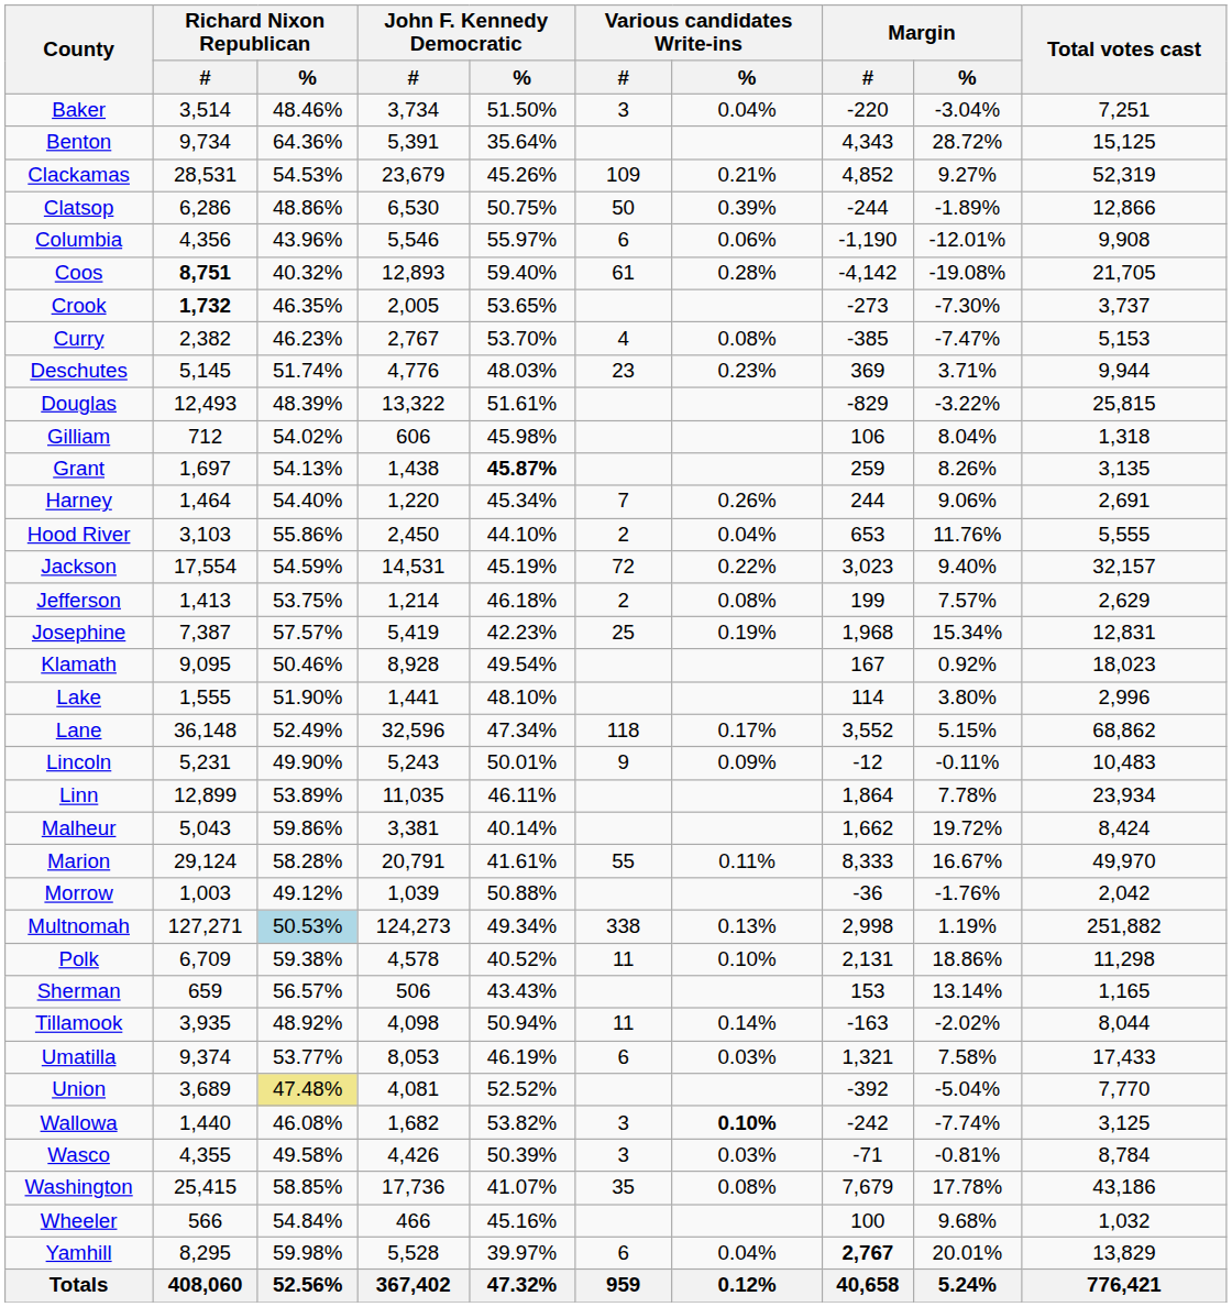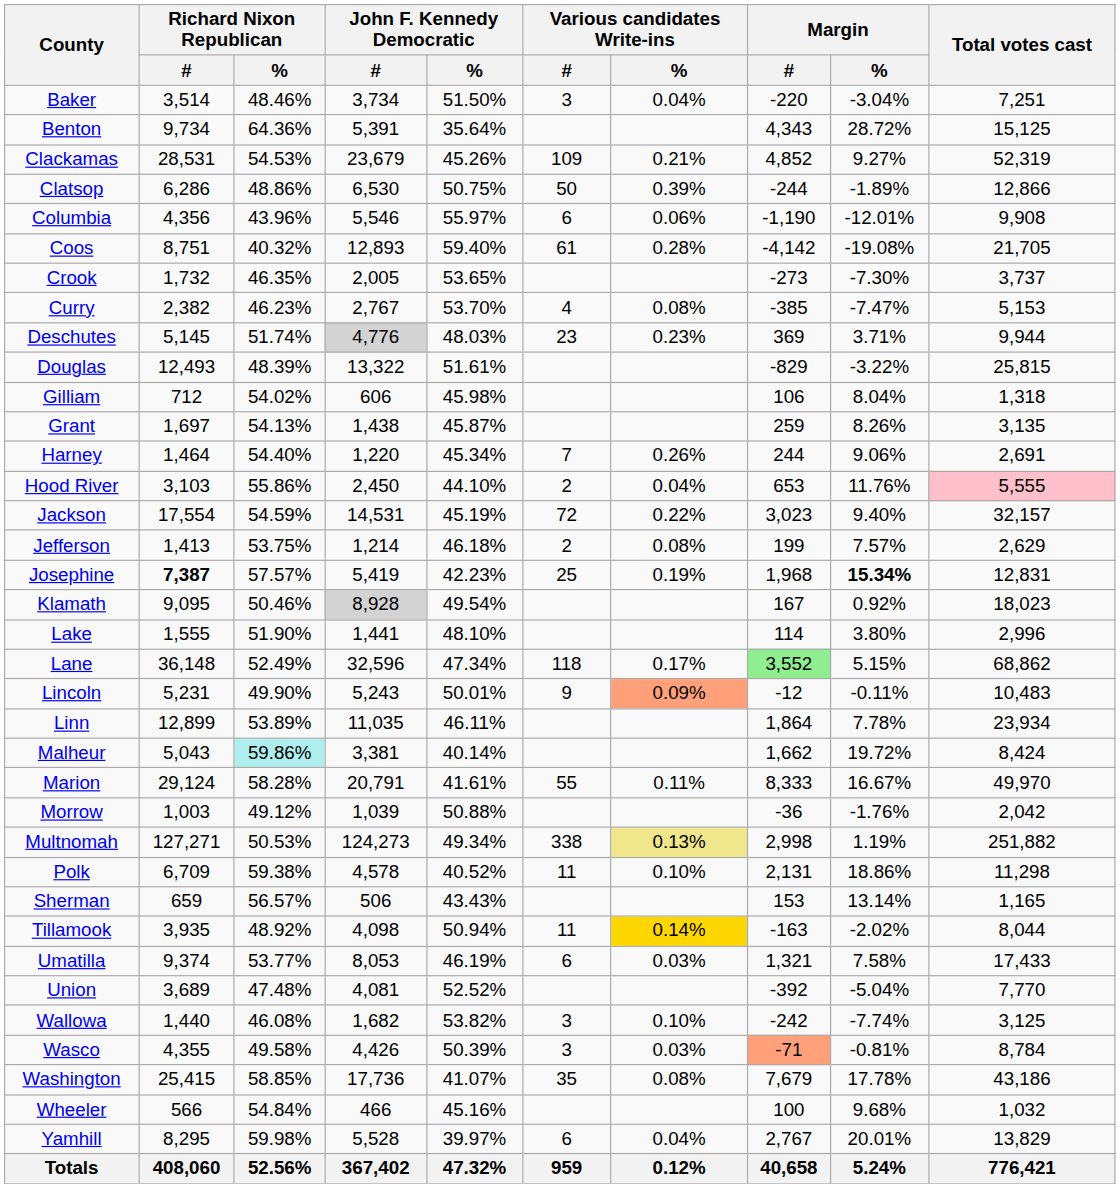 <table width="60%"  class="wikitable sortable" style="text-align:center">
 <tr>
 <th style="text-align:center;" rowspan="2">County</th>
 <th style="text-align:center;" colspan="2">Richard Nixon<br>Republican</th>
 <th style="text-align:center;" colspan="2">John F. Kennedy<br>Democratic</th>
 <th style="text-align:center;" colspan="2">Various candidates<br>Write-ins</th>
 <th style="text-align:center;" colspan="2">Margin</th>
 <th style="text-align:center;" rowspan="2">Total votes cast</th>
 </tr>
 <tr>
 <th style="text-align:center;" data-sort-type="number">#</th>
 <th style="text-align:center;" data-sort-type="number">%</th>
 <th style="text-align:center;" data-sort-type="number">#</th>
 <th style="text-align:center;" data-sort-type="number">%</th>
 <th style="text-align:center;" data-sort-type="number">#</th>
 <th style="text-align:center;" data-sort-type="number">%</th>
 <th style="text-align:center;" data-sort-type="number">#</th>
 <th style="text-align:center;" data-sort-type="number">%</th>
 </tr>
 <tr style="text-align:center;">
 <td><a href='#'>Baker</a></td>
 <td>3,514</td>
 <td>48.46%</td>
 <td>3,734</td>
 <td>51.50%</td>
 <td>3</td>
 <td>0.04%</td>
 <td>-220</td>
 <td>-3.04%</td>
 <td>7,251</td>
 </tr>
 <tr style="text-align:center;">
 <td><a href='#'>Benton</a></td>
 <td>9,734</td>
 <td>64.36%</td>
 <td>5,391</td>
 <td>35.64%</td>
 <td></td>
 <td></td>
 <td>4,343</td>
 <td>28.72%</td>
 <td>15,125</td>
 </tr>
 <tr style="text-align:center;">
 <td><a href='#'>Clackamas</a></td>
 <td>28,531</td>
 <td>54.53%</td>
 <td>23,679</td>
 <td>45.26%</td>
 <td>109</td>
 <td>0.21%</td>
 <td>4,852</td>
 <td>9.27%</td>
 <td>52,319</td>
 </tr>
 <tr style="text-align:center;">
 <td><a href='#'>Clatsop</a></td>
 <td>6,286</td>
 <td>48.86%</td>
 <td>6,530</td>
 <td>50.75%</td>
 <td>50</td>
 <td>0.39%</td>
 <td>-244</td>
 <td>-1.89%</td>
 <td>12,866</td>
 </tr>
 <tr style="text-align:center;">
 <td><a href='#'>Columbia</a></td>
 <td>4,356</td>
 <td>43.96%</td>
 <td>5,546</td>
 <td>55.97%</td>
 <td>6</td>
 <td>0.06%</td>
 <td>-1,190</td>
 <td>-12.01%</td>
 <td>9,908</td>
 </tr>
 <tr style="text-align:center;">
 <td><a href='#'>Coos</a></td>
-<td><strong>8,751</strong></td>
+<td>8,751</td>
 <td>40.32%</td>
 <td>12,893</td>
 <td>59.40%</td>
 <td>61</td>
 <td>0.28%</td>
 <td>-4,142</td>
 <td>-19.08%</td>
 <td>21,705</td>
 </tr>
 <tr style="text-align:center;">
 <td><a href='#'>Crook</a></td>
-<td><strong>1,732</strong></td>
+<td>1,732</td>
 <td>46.35%</td>
 <td>2,005</td>
 <td>53.65%</td>
 <td></td>
 <td></td>
 <td>-273</td>
 <td>-7.30%</td>
 <td>3,737</td>
 </tr>
 <tr style="text-align:center;">
 <td><a href='#'>Curry</a></td>
 <td>2,382</td>
 <td>46.23%</td>
 <td>2,767</td>
 <td>53.70%</td>
 <td>4</td>
 <td>0.08%</td>
 <td>-385</td>
 <td>-7.47%</td>
 <td>5,153</td>
 </tr>
 <tr style="text-align:center;">
 <td><a href='#'>Deschutes</a></td>
 <td>5,145</td>
 <td>51.74%</td>
-<td>4,776</td>
+<td style="background: lightgrey;">4,776</td>
 <td>48.03%</td>
 <td>23</td>
 <td>0.23%</td>
 <td>369</td>
 <td>3.71%</td>
 <td>9,944</td>
 </tr>
 <tr style="text-align:center;">
 <td><a href='#'>Douglas</a></td>
 <td>12,493</td>
 <td>48.39%</td>
 <td>13,322</td>
 <td>51.61%</td>
 <td></td>
 <td></td>
 <td>-829</td>
 <td>-3.22%</td>
 <td>25,815</td>
 </tr>
 <tr style="text-align:center;">
 <td><a href='#'>Gilliam</a></td>
 <td>712</td>
 <td>54.02%</td>
 <td>606</td>
 <td>45.98%</td>
 <td></td>
 <td></td>
 <td>106</td>
 <td>8.04%</td>
 <td>1,318</td>
 </tr>
 <tr style="text-align:center;">
 <td><a href='#'>Grant</a></td>
 <td>1,697</td>
 <td>54.13%</td>
 <td>1,438</td>
-<td><strong>45.87%</strong></td>
+<td>45.87%</td>
 <td></td>
 <td></td>
 <td>259</td>
 <td>8.26%</td>
 <td>3,135</td>
 </tr>
 <tr style="text-align:center;">
 <td><a href='#'>Harney</a></td>
 <td>1,464</td>
 <td>54.40%</td>
 <td>1,220</td>
 <td>45.34%</td>
 <td>7</td>
 <td>0.26%</td>
 <td>244</td>
 <td>9.06%</td>
 <td>2,691</td>
 </tr>
 <tr style="text-align:center;">
 <td><a href='#'>Hood River</a></td>
 <td>3,103</td>
 <td>55.86%</td>
 <td>2,450</td>
 <td>44.10%</td>
 <td>2</td>
 <td>0.04%</td>
 <td>653</td>
 <td>11.76%</td>
-<td>5,555</td>
+<td style="background: pink;">5,555</td>
 </tr>
 <tr style="text-align:center;">
 <td><a href='#'>Jackson</a></td>
 <td>17,554</td>
 <td>54.59%</td>
 <td>14,531</td>
 <td>45.19%</td>
 <td>72</td>
 <td>0.22%</td>
 <td>3,023</td>
 <td>9.40%</td>
 <td>32,157</td>
 </tr>
 <tr style="text-align:center;">
 <td><a href='#'>Jefferson</a></td>
 <td>1,413</td>
 <td>53.75%</td>
 <td>1,214</td>
 <td>46.18%</td>
 <td>2</td>
 <td>0.08%</td>
 <td>199</td>
 <td>7.57%</td>
 <td>2,629</td>
 </tr>
 <tr style="text-align:center;">
 <td><a href='#'>Josephine</a></td>
-<td>7,387</td>
+<td><strong>7,387</strong></td>
 <td>57.57%</td>
 <td>5,419</td>
 <td>42.23%</td>
 <td>25</td>
 <td>0.19%</td>
 <td>1,968</td>
-<td>15.34%</td>
+<td><strong>15.34%</strong></td>
 <td>12,831</td>
 </tr>
 <tr style="text-align:center;">
 <td><a href='#'>Klamath</a></td>
 <td>9,095</td>
 <td>50.46%</td>
-<td>8,928</td>
+<td style="background: lightgrey;">8,928</td>
 <td>49.54%</td>
 <td></td>
 <td></td>
 <td>167</td>
 <td>0.92%</td>
 <td>18,023</td>
 </tr>
 <tr style="text-align:center;">
 <td><a href='#'>Lake</a></td>
 <td>1,555</td>
 <td>51.90%</td>
 <td>1,441</td>
 <td>48.10%</td>
 <td></td>
 <td></td>
 <td>114</td>
 <td>3.80%</td>
 <td>2,996</td>
 </tr>
 <tr style="text-align:center;">
 <td><a href='#'>Lane</a></td>
 <td>36,148</td>
 <td>52.49%</td>
 <td>32,596</td>
 <td>47.34%</td>
 <td>118</td>
 <td>0.17%</td>
-<td>3,552</td>
+<td style="background: lightgreen;">3,552</td>
 <td>5.15%</td>
 <td>68,862</td>
 </tr>
 <tr style="text-align:center;">
 <td><a href='#'>Lincoln</a></td>
 <td>5,231</td>
 <td>49.90%</td>
 <td>5,243</td>
 <td>50.01%</td>
 <td>9</td>
-<td>0.09%</td>
+<td style="background: lightsalmon;">0.09%</td>
 <td>-12</td>
 <td>-0.11%</td>
 <td>10,483</td>
 </tr>
 <tr style="text-align:center;">
 <td><a href='#'>Linn</a></td>
 <td>12,899</td>
 <td>53.89%</td>
 <td>11,035</td>
 <td>46.11%</td>
 <td></td>
 <td></td>
 <td>1,864</td>
 <td>7.78%</td>
 <td>23,934</td>
 </tr>
 <tr style="text-align:center;">
 <td><a href='#'>Malheur</a></td>
 <td>5,043</td>
-<td>59.86%</td>
+<td style="background: paleturquoise;">59.86%</td>
 <td>3,381</td>
 <td>40.14%</td>
 <td></td>
 <td></td>
 <td>1,662</td>
 <td>19.72%</td>
 <td>8,424</td>
 </tr>
 <tr style="text-align:center;">
 <td><a href='#'>Marion</a></td>
 <td>29,124</td>
 <td>58.28%</td>
 <td>20,791</td>
 <td>41.61%</td>
 <td>55</td>
 <td>0.11%</td>
 <td>8,333</td>
 <td>16.67%</td>
 <td>49,970</td>
 </tr>
 <tr style="text-align:center;">
 <td><a href='#'>Morrow</a></td>
 <td>1,003</td>
 <td>49.12%</td>
 <td>1,039</td>
 <td>50.88%</td>
 <td></td>
 <td></td>
 <td>-36</td>
 <td>-1.76%</td>
 <td>2,042</td>
 </tr>
 <tr style="text-align:center;">
 <td><a href='#'>Multnomah</a></td>
 <td>127,271</td>
-<td style="background: lightblue;">50.53%</td>
+<td>50.53%</td>
 <td>124,273</td>
 <td>49.34%</td>
 <td>338</td>
-<td>0.13%</td>
+<td style="background: khaki;">0.13%</td>
 <td>2,998</td>
 <td>1.19%</td>
 <td>251,882</td>
 </tr>
 <tr style="text-align:center;">
 <td><a href='#'>Polk</a></td>
 <td>6,709</td>
 <td>59.38%</td>
 <td>4,578</td>
 <td>40.52%</td>
 <td>11</td>
 <td>0.10%</td>
 <td>2,131</td>
 <td>18.86%</td>
 <td>11,298</td>
 </tr>
 <tr style="text-align:center;">
 <td><a href='#'>Sherman</a></td>
 <td>659</td>
 <td>56.57%</td>
 <td>506</td>
 <td>43.43%</td>
 <td></td>
 <td></td>
 <td>153</td>
 <td>13.14%</td>
 <td>1,165</td>
 </tr>
 <tr style="text-align:center;">
 <td><a href='#'>Tillamook</a></td>
 <td>3,935</td>
 <td>48.92%</td>
 <td>4,098</td>
 <td>50.94%</td>
 <td>11</td>
-<td>0.14%</td>
+<td style="background: gold;">0.14%</td>
 <td>-163</td>
 <td>-2.02%</td>
 <td>8,044</td>
 </tr>
 <tr style="text-align:center;">
 <td><a href='#'>Umatilla</a></td>
 <td>9,374</td>
 <td>53.77%</td>
 <td>8,053</td>
 <td>46.19%</td>
 <td>6</td>
 <td>0.03%</td>
 <td>1,321</td>
 <td>7.58%</td>
 <td>17,433</td>
 </tr>
 <tr style="text-align:center;">
 <td><a href='#'>Union</a></td>
 <td>3,689</td>
-<td style="background: khaki;">47.48%</td>
+<td>47.48%</td>
 <td>4,081</td>
 <td>52.52%</td>
 <td></td>
 <td></td>
 <td>-392</td>
 <td>-5.04%</td>
 <td>7,770</td>
 </tr>
 <tr style="text-align:center;">
 <td><a href='#'>Wallowa</a></td>
 <td>1,440</td>
 <td>46.08%</td>
 <td>1,682</td>
 <td>53.82%</td>
 <td>3</td>
-<td><strong>0.10%</strong></td>
+<td>0.10%</td>
 <td>-242</td>
 <td>-7.74%</td>
 <td>3,125</td>
 </tr>
 <tr style="text-align:center;">
 <td><a href='#'>Wasco</a></td>
 <td>4,355</td>
 <td>49.58%</td>
 <td>4,426</td>
 <td>50.39%</td>
 <td>3</td>
 <td>0.03%</td>
-<td>-71</td>
+<td style="background: lightsalmon;">-71</td>
 <td>-0.81%</td>
 <td>8,784</td>
 </tr>
 <tr style="text-align:center;">
 <td><a href='#'>Washington</a></td>
 <td>25,415</td>
 <td>58.85%</td>
 <td>17,736</td>
 <td>41.07%</td>
 <td>35</td>
 <td>0.08%</td>
 <td>7,679</td>
 <td>17.78%</td>
 <td>43,186</td>
 </tr>
 <tr style="text-align:center;">
 <td><a href='#'>Wheeler</a></td>
 <td>566</td>
 <td>54.84%</td>
 <td>466</td>
 <td>45.16%</td>
 <td></td>
 <td></td>
 <td>100</td>
 <td>9.68%</td>
 <td>1,032</td>
 </tr>
 <tr style="text-align:center;">
 <td><a href='#'>Yamhill</a></td>
 <td>8,295</td>
 <td>59.98%</td>
 <td>5,528</td>
 <td>39.97%</td>
 <td>6</td>
 <td>0.04%</td>
-<td><strong>2,767</strong></td>
+<td>2,767</td>
 <td>20.01%</td>
 <td>13,829</td>
 </tr>
 <tr style="text-align:center;">
 <th>Totals</th>
 <th>408,060</th>
 <th>52.56%</th>
 <th>367,402</th>
 <th>47.32%</th>
 <th>959</th>
 <th>0.12%</th>
 <th>40,658</th>
 <th>5.24%</th>
 <th>776,421</th>
 </tr>
 </table>
